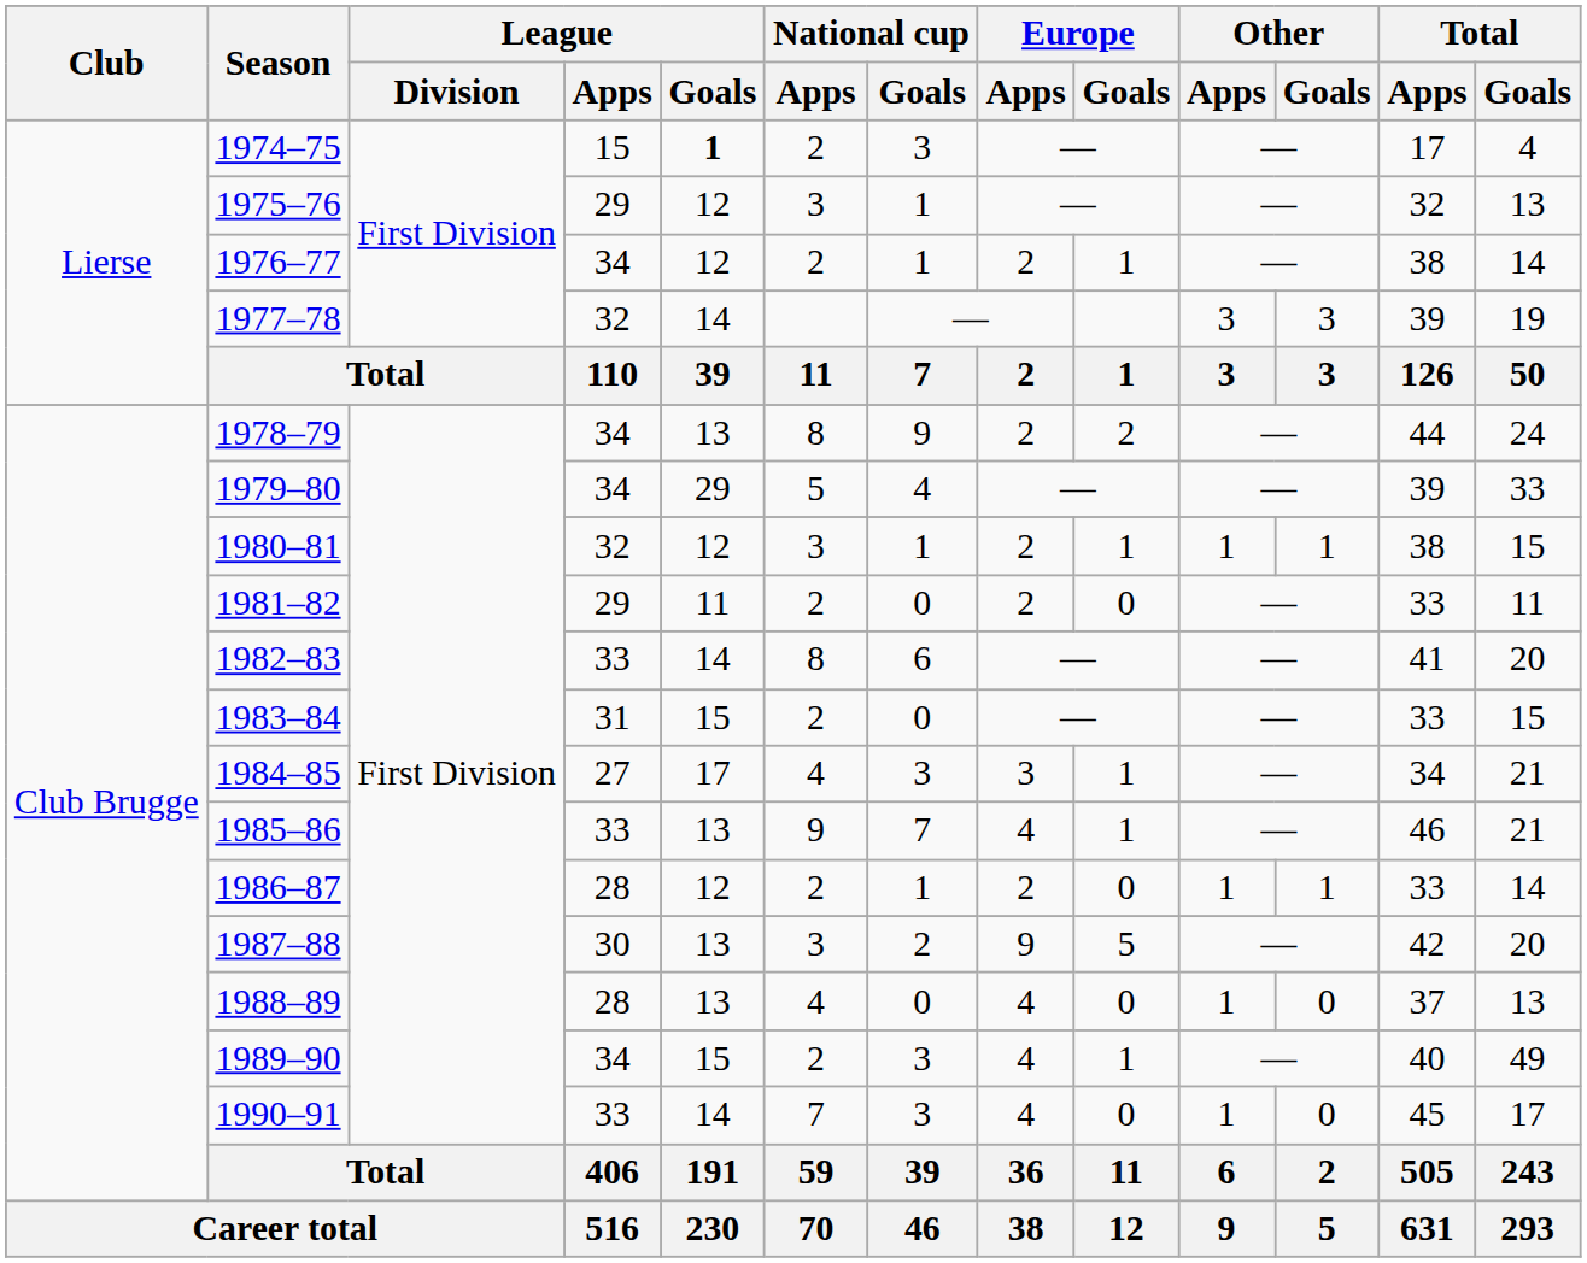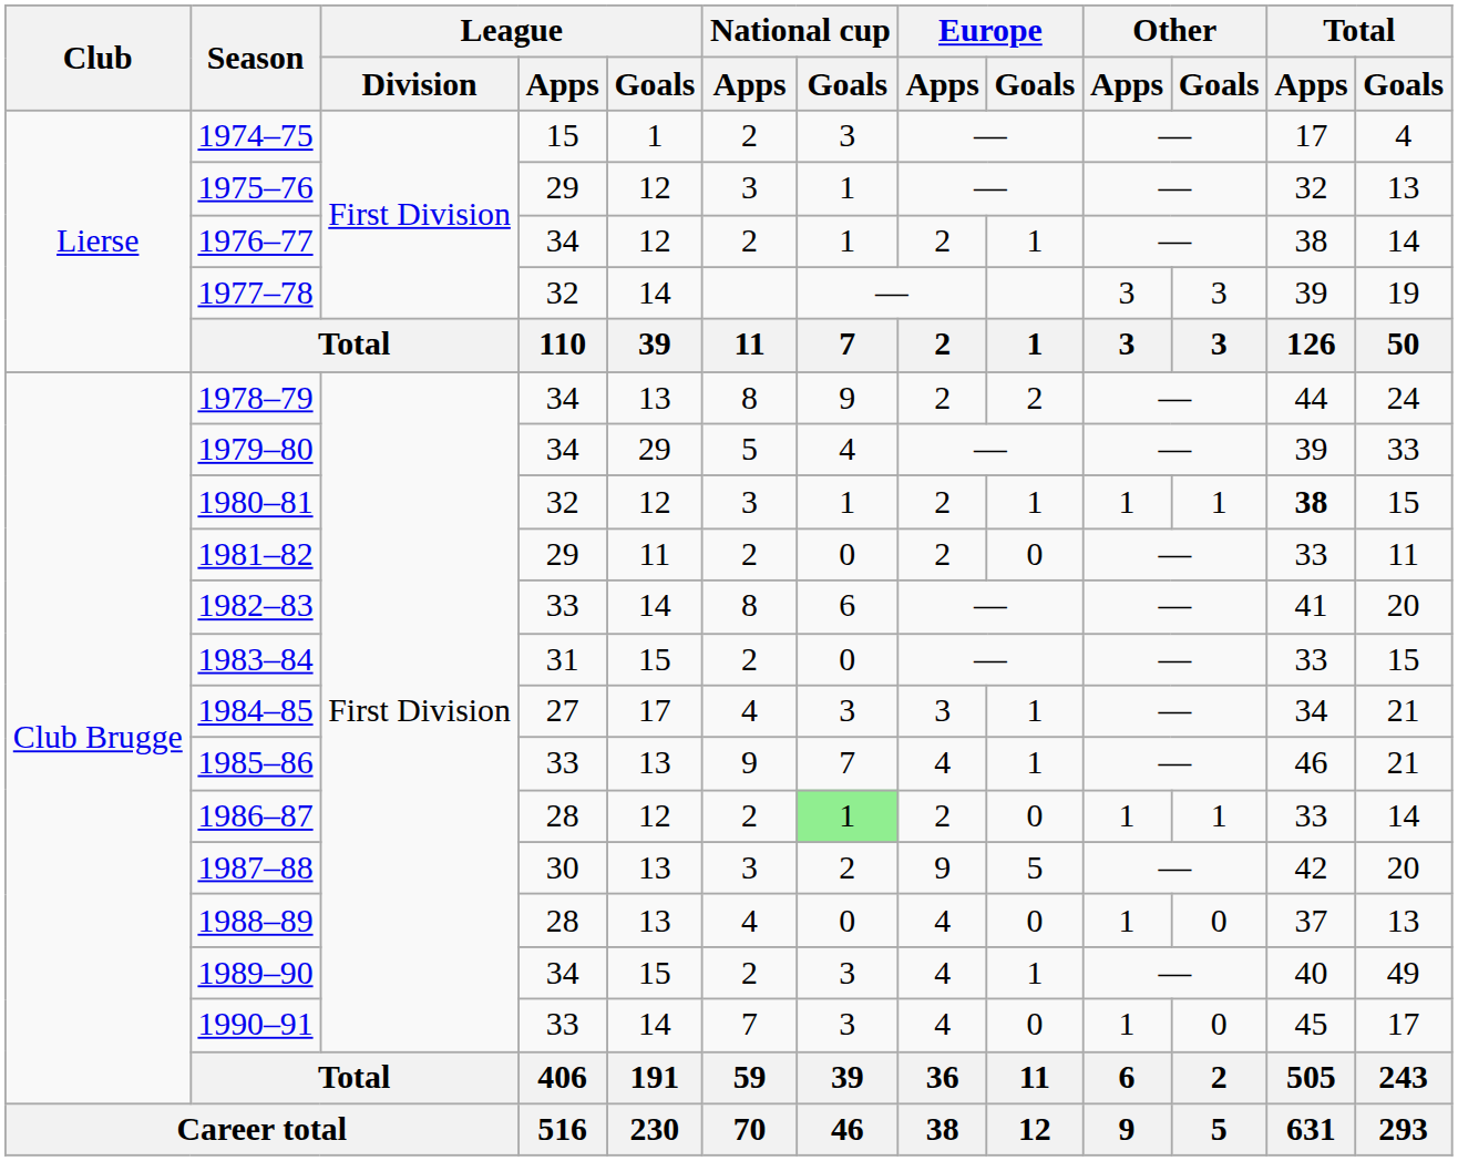 <table class="wikitable" style="text-align:center">
 <tr>
 <th rowspan="2">Club</th>
 <th rowspan="2">Season</th>
 <th colspan="3">League</th>
 <th colspan="2">National cup</th>
 <th colspan="2"><a href='#'>Europe</a></th>
 <th colspan="2">Other</th>
 <th colspan="2">Total</th>
 </tr>
 <tr>
 <th>Division</th>
 <th>Apps</th>
 <th>Goals</th>
 <th>Apps</th>
 <th>Goals</th>
 <th>Apps</th>
 <th>Goals</th>
 <th>Apps</th>
 <th>Goals</th>
 <th>Apps</th>
 <th>Goals</th>
 </tr>
 <tr>
 <td rowspan="5"><a href='#'>Lierse</a></td>
 <td><a href='#'>1974–75</a></td>
 <td rowspan="4"><a href='#'>First Division</a></td>
 <td>15</td>
-<td><strong>1</strong></td>
+<td>1</td>
 <td>2</td>
 <td>3</td>
 <td colspan="2">—</td>
 <td colspan="2">—</td>
 <td>17</td>
 <td>4</td>
 </tr>
 <tr>
 <td><a href='#'>1975–76</a></td>
 <td>29</td>
 <td>12</td>
 <td>3</td>
 <td>1</td>
 <td colspan="2">—</td>
 <td colspan="2">—</td>
 <td>32</td>
 <td>13</td>
 </tr>
 <tr>
 <td><a href='#'>1976–77</a></td>
 <td>34</td>
 <td>12</td>
 <td>2</td>
 <td>1</td>
 <td>2</td>
 <td>1</td>
 <td colspan="2">—</td>
 <td>38</td>
 <td>14</td>
 </tr>
 <tr>
 <td><a href='#'>1977–78</a></td>
 <td>32</td>
 <td>14</td>
 <td></td>
 <td colspan="2">—</td>
 <td></td>
 <td>3</td>
 <td>3</td>
 <td>39</td>
 <td>19</td>
 </tr>
 <tr>
 <th colspan="2">Total</th>
 <th>110</th>
 <th>39</th>
 <th>11</th>
 <th>7</th>
 <th>2</th>
 <th>1</th>
 <th>3</th>
 <th>3</th>
 <th>126</th>
 <th>50</th>
 </tr>
 <tr>
 <td rowspan="14"><a href='#'>Club Brugge</a></td>
 <td><a href='#'>1978–79</a></td>
 <td rowspan="13">First Division</td>
 <td>34</td>
 <td>13</td>
 <td>8</td>
 <td>9</td>
 <td>2</td>
 <td>2</td>
 <td colspan="2">—</td>
 <td>44</td>
 <td>24</td>
 </tr>
 <tr>
 <td><a href='#'>1979–80</a></td>
 <td>34</td>
 <td>29</td>
 <td>5</td>
 <td>4</td>
 <td colspan="2">—</td>
 <td colspan="2">—</td>
 <td>39</td>
 <td>33</td>
 </tr>
 <tr>
 <td><a href='#'>1980–81</a></td>
 <td>32</td>
 <td>12</td>
 <td>3</td>
 <td>1</td>
 <td>2</td>
 <td>1</td>
 <td>1</td>
 <td>1</td>
-<td>38</td>
+<td><strong>38</strong></td>
 <td>15</td>
 </tr>
 <tr>
 <td><a href='#'>1981–82</a></td>
 <td>29</td>
 <td>11</td>
 <td>2</td>
 <td>0</td>
 <td>2</td>
 <td>0</td>
 <td colspan="2">—</td>
 <td>33</td>
 <td>11</td>
 </tr>
 <tr>
 <td><a href='#'>1982–83</a></td>
 <td>33</td>
 <td>14</td>
 <td>8</td>
 <td>6</td>
 <td colspan="2">—</td>
 <td colspan="2">—</td>
 <td>41</td>
 <td>20</td>
 </tr>
 <tr>
 <td><a href='#'>1983–84</a></td>
 <td>31</td>
 <td>15</td>
 <td>2</td>
 <td>0</td>
 <td colspan="2">—</td>
 <td colspan="2">—</td>
 <td>33</td>
 <td>15</td>
 </tr>
 <tr>
 <td><a href='#'>1984–85</a></td>
 <td>27</td>
 <td>17</td>
 <td>4</td>
 <td>3</td>
 <td>3</td>
 <td>1</td>
 <td colspan="2">—</td>
 <td>34</td>
 <td>21</td>
 </tr>
 <tr>
 <td><a href='#'>1985–86</a></td>
 <td>33</td>
 <td>13</td>
 <td>9</td>
 <td>7</td>
 <td>4</td>
 <td>1</td>
 <td colspan="2">—</td>
 <td>46</td>
 <td>21</td>
 </tr>
 <tr>
 <td><a href='#'>1986–87</a></td>
 <td>28</td>
 <td>12</td>
 <td>2</td>
-<td>1</td>
+<td style="background: lightgreen;">1</td>
 <td>2</td>
 <td>0</td>
 <td>1</td>
 <td>1</td>
 <td>33</td>
 <td>14</td>
 </tr>
 <tr>
 <td><a href='#'>1987–88</a></td>
 <td>30</td>
 <td>13</td>
 <td>3</td>
 <td>2</td>
 <td>9</td>
 <td>5</td>
 <td colspan="2">—</td>
 <td>42</td>
 <td>20</td>
 </tr>
 <tr>
 <td><a href='#'>1988–89</a></td>
 <td>28</td>
 <td>13</td>
 <td>4</td>
 <td>0</td>
 <td>4</td>
 <td>0</td>
 <td>1</td>
 <td>0</td>
 <td>37</td>
 <td>13</td>
 </tr>
 <tr>
 <td><a href='#'>1989–90</a></td>
 <td>34</td>
 <td>15</td>
 <td>2</td>
 <td>3</td>
 <td>4</td>
 <td>1</td>
 <td colspan="2">—</td>
 <td>40</td>
 <td>49</td>
 </tr>
 <tr>
 <td><a href='#'>1990–91</a></td>
 <td>33</td>
 <td>14</td>
 <td>7</td>
 <td>3</td>
 <td>4</td>
 <td>0</td>
 <td>1</td>
 <td>0</td>
 <td>45</td>
 <td>17</td>
 </tr>
 <tr>
 <th colspan="2">Total</th>
 <th>406</th>
 <th>191</th>
 <th>59</th>
 <th>39</th>
 <th>36</th>
 <th>11</th>
 <th>6</th>
 <th>2</th>
 <th>505</th>
 <th>243</th>
 </tr>
 <tr>
 <th colspan="3">Career total</th>
 <th>516</th>
 <th>230</th>
 <th>70</th>
 <th>46</th>
 <th>38</th>
 <th>12</th>
 <th>9</th>
 <th>5</th>
 <th>631</th>
 <th>293</th>
 </tr>
 </table>
